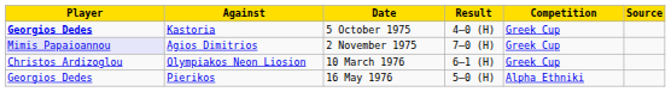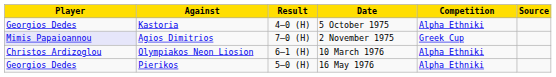 <table class="wikitable">
 <tr>
 <th width=200 style="background:#FFDE00">Player</th>
 <th width=200 style="background:#FFDE00">Against</th>
+<th width=70 style="background:#FFDE00">Result</th>
 <th width=150 style="background:#FFDE00">Date</th>
-<th width=70 style="background:#FFDE00">Result</th>
 <th width=150 style="background:#FFDE00">Competition</th>
 <th style="background:#FFDE00">Source</th>
 </tr>
 <tr>
-<td><strong> <a href='#'>Georgios Dedes</a></strong></td>
+<td> <a href='#'>Georgios Dedes</a></td>
 <td> <a href='#'>Kastoria</a></td>
+<td align=center>4–0 (H)</td>
 <td>5 October 1975</td>
-<td align=center>4–0 (H)</td>
-<td><a href='#'>Greek Cup</a></td>
+<td><a href='#'>Alpha Ethniki</a></td>
 <td align=center></td>
 </tr>
 <tr>
 <td style="background: lavender;"> <a href='#'>Mimis Papaioannou</a></td>
 <td> <a href='#'>Agios Dimitrios</a></td>
+<td align=center>7–0 (H)</td>
 <td>2 November 1975</td>
-<td align=center>7–0 (H)</td>
 <td><a href='#'>Greek Cup</a></td>
 <td align=center></td>
 </tr>
 <tr>
 <td> <a href='#'>Christos Ardizoglou</a></td>
 <td> <a href='#'>Olympiakos Neon Liosion</a></td>
+<td align=center>6–1 (H)</td>
 <td>10 March 1976</td>
-<td align=center>6–1 (H)</td>
-<td><a href='#'>Greek Cup</a></td>
+<td><a href='#'>Alpha Ethniki</a></td>
 <td align=center></td>
 </tr>
 <tr>
 <td> <a href='#'>Georgios Dedes</a></td>
 <td> <a href='#'>Pierikos</a></td>
+<td align=center>5–0 (H)</td>
 <td>16 May 1976</td>
-<td align=center>5–0 (H)</td>
 <td><a href='#'>Alpha Ethniki</a></td>
 <td align=center></td>
 </tr>
 </table>
